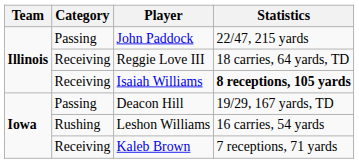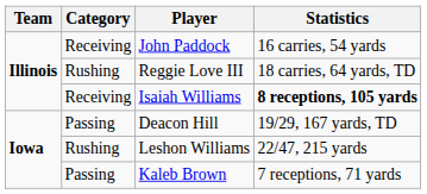 <table class="wikitable" style="float: left;">
 <tr>
 <th>Team</th>
 <th>Category</th>
 <th>Player</th>
 <th>Statistics</th>
 </tr>
 <tr>
 <td rowspan=3><strong>Illinois</strong></td>
-<td>Passing</td>
+<td>Receiving</td>
 <td><a href='#'>John Paddock</a></td>
-<td>22/47, 215 yards</td>
+<td>16 carries, 54 yards</td>
 </tr>
 <tr>
-<td>Receiving</td>
+<td>Rushing</td>
 <td>Reggie Love III</td>
 <td>18 carries, 64 yards, TD</td>
 </tr>
 <tr>
 <td>Receiving</td>
 <td><a href='#'>Isaiah Williams</a></td>
 <td><strong>8 receptions, 105 yards</strong></td>
 </tr>
 <tr>
 <td rowspan=3><strong>Iowa</strong></td>
 <td>Passing</td>
 <td>Deacon Hill</td>
 <td>19/29, 167 yards, TD</td>
 </tr>
 <tr>
 <td>Rushing</td>
 <td>Leshon Williams</td>
-<td>16 carries, 54 yards</td>
+<td>22/47, 215 yards</td>
 </tr>
 <tr>
-<td>Receiving</td>
+<td>Passing</td>
 <td><a href='#'>Kaleb Brown</a></td>
 <td>7 receptions, 71 yards</td>
 </tr>
 </table>
